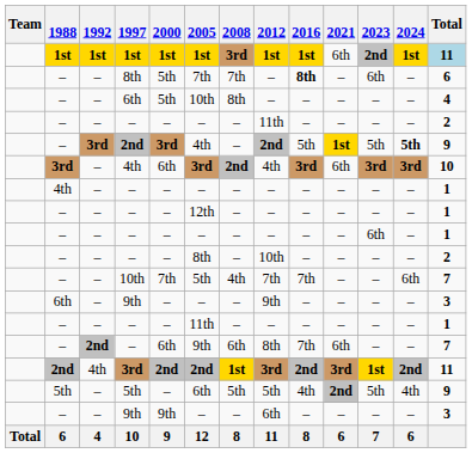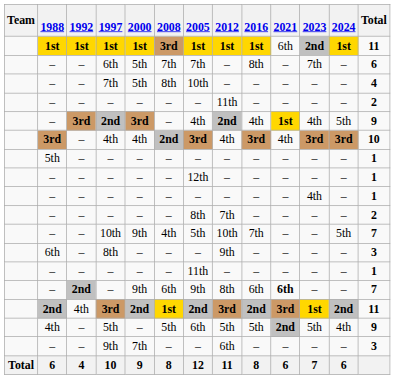 <table class="wikitable" style="text-align:center">
 <tr>
 <th>Team</th>
 <th><br><a href='#'>1988</a></th>
 <th><br><a href='#'>1992</a></th>
 <th><br><a href='#'>1997</a></th>
 <th><br><a href='#'>2000</a></th>
+<th><br><a href='#'>2008</a></th>
 <th><br><a href='#'>2005</a></th>
-<th><br><a href='#'>2008</a></th>
 <th><br><a href='#'>2012</a></th>
 <th><br><a href='#'>2016</a></th>
 <th><br><a href='#'>2021</a></th>
 <th><br><a href='#'>2023</a></th>
 <th><br><a href='#'>2024</a></th>
 <th>Total</th>
 </tr>
 <tr>
 <td align=left></td>
 <td bgcolor=gold><strong>1st</strong></td>
 <td bgcolor=gold><strong>1st</strong></td>
 <td bgcolor=gold><strong>1st</strong></td>
 <td bgcolor=gold><strong>1st</strong></td>
+<td bgcolor=#cc9966><strong>3rd</strong></td>
 <td bgcolor=gold><strong>1st</strong></td>
-<td bgcolor=#cc9966><strong>3rd</strong></td>
 <td bgcolor=gold><strong>1st</strong></td>
 <td bgcolor=gold><strong>1st</strong></td>
 <td>6th</td>
 <td bgcolor=silver><strong>2nd</strong></td>
 <td bgcolor=gold><strong>1st</strong></td>
-<td style="background: lightblue;"><strong>11</strong></td>
+<td><strong>11</strong></td>
 </tr>
 <tr>
 <td align=left></td>
 <td>–</td>
 <td>–</td>
-<td>8th</td>
+<td>6th</td>
 <td>5th</td>
 <td>7th</td>
 <td>7th</td>
 <td>–</td>
-<td><strong>8th</strong></td>
+<td>8th</td>
 <td>–</td>
-<td>6th</td>
+<td>7th</td>
 <td>–</td>
 <td><strong>6</strong></td>
 </tr>
 <tr>
 <td align=left></td>
 <td>–</td>
 <td>–</td>
-<td>6th</td>
+<td>7th</td>
 <td>5th</td>
+<td>8th</td>
 <td>10th</td>
-<td>8th</td>
 <td>–</td>
 <td>–</td>
 <td>–</td>
 <td>–</td>
 <td>–</td>
 <td><strong>4</strong></td>
 </tr>
 <tr>
 <td align=left></td>
 <td>–</td>
 <td>–</td>
 <td>–</td>
 <td>–</td>
 <td>–</td>
 <td>–</td>
 <td>11th</td>
 <td>–</td>
 <td>–</td>
 <td>–</td>
 <td>–</td>
 <td><strong>2</strong></td>
 </tr>
 <tr>
 <td align=left></td>
 <td>–</td>
 <td bgcolor=#cc9966><strong>3rd</strong></td>
 <td bgcolor=silver><strong>2nd</strong></td>
 <td bgcolor=#cc9966><strong>3rd</strong></td>
+<td>–</td>
 <td>4th</td>
-<td>–</td>
 <td bgcolor=silver><strong>2nd</strong></td>
+<td>4th</td>
+<td bgcolor=gold><strong>1st</strong></td>
+<td>4th</td>
 <td>5th</td>
-<td bgcolor=gold><strong>1st</strong></td>
-<td>5th</td>
-<td><strong>5th</strong></td>
 <td><strong>9</strong></td>
 </tr>
 <tr>
 <td align=left></td>
 <td bgcolor=#cc9966><strong>3rd</strong></td>
 <td>–</td>
 <td>4th</td>
-<td>6th</td>
+<td>4th</td>
+<td bgcolor=silver><strong>2nd</strong></td>
 <td bgcolor=#cc9966><strong>3rd</strong></td>
-<td bgcolor=silver><strong>2nd</strong></td>
 <td>4th</td>
 <td bgcolor=#cc9966><strong>3rd</strong></td>
-<td>6th</td>
+<td>4th</td>
 <td bgcolor=#cc9966><strong>3rd</strong></td>
 <td bgcolor=#cc9966><strong>3rd</strong></td>
 <td><strong>10</strong></td>
 </tr>
 <tr>
 <td align=left></td>
-<td>4th</td>
+<td>5th</td>
 <td>–</td>
 <td>–</td>
 <td>–</td>
 <td>–</td>
 <td>–</td>
 <td>–</td>
 <td>–</td>
 <td>–</td>
 <td>–</td>
 <td>–</td>
 <td><strong>1</strong></td>
 </tr>
 <tr>
 <td align=left></td>
 <td>–</td>
 <td>–</td>
 <td>–</td>
 <td>–</td>
+<td>–</td>
 <td>12th</td>
-<td>–</td>
 <td>–</td>
 <td>–</td>
 <td>–</td>
 <td>–</td>
 <td>–</td>
 <td><strong>1</strong></td>
 </tr>
 <tr>
 <td align=left></td>
 <td>–</td>
 <td>–</td>
 <td>–</td>
 <td>–</td>
 <td>–</td>
 <td>–</td>
 <td>–</td>
 <td>–</td>
 <td>–</td>
-<td>6th</td>
+<td>4th</td>
 <td>–</td>
 <td><strong>1</strong></td>
 </tr>
 <tr>
 <td align=left></td>
 <td>–</td>
 <td>–</td>
 <td>–</td>
 <td>–</td>
+<td>–</td>
 <td>8th</td>
-<td>–</td>
-<td>10th</td>
+<td>7th</td>
 <td>–</td>
 <td>–</td>
 <td>–</td>
 <td>–</td>
 <td><strong>2</strong></td>
 </tr>
 <tr>
 <td align=left></td>
 <td>–</td>
 <td>–</td>
 <td>10th</td>
-<td>7th</td>
+<td>9th</td>
+<td>4th</td>
 <td>5th</td>
-<td>4th</td>
-<td>7th</td>
+<td>10th</td>
 <td>7th</td>
 <td>–</td>
 <td>–</td>
-<td>6th</td>
+<td>5th</td>
 <td><strong>7</strong></td>
 </tr>
 <tr>
 <td align=left></td>
 <td>6th</td>
 <td>–</td>
-<td>9th</td>
+<td>8th</td>
 <td>–</td>
 <td>–</td>
 <td>–</td>
 <td>9th</td>
 <td>–</td>
 <td>–</td>
 <td>–</td>
 <td>–</td>
 <td><strong>3</strong></td>
 </tr>
 <tr>
 <td align=left></td>
 <td>–</td>
 <td>–</td>
 <td>–</td>
 <td>–</td>
+<td>–</td>
 <td>11th</td>
-<td>–</td>
 <td>–</td>
 <td>–</td>
 <td>–</td>
 <td>–</td>
 <td>–</td>
 <td><strong>1</strong></td>
 </tr>
 <tr>
 <td align=left></td>
 <td>–</td>
 <td bgcolor=silver><strong>2nd</strong></td>
 <td>–</td>
+<td>9th</td>
 <td>6th</td>
 <td>9th</td>
+<td>8th</td>
 <td>6th</td>
-<td>8th</td>
-<td>7th</td>
-<td>6th</td>
+<td><strong>6th</strong></td>
 <td>–</td>
 <td>–</td>
 <td><strong>7</strong></td>
 </tr>
 <tr>
 <td align=left></td>
 <td bgcolor=silver><strong>2nd</strong></td>
 <td>4th</td>
 <td bgcolor=#cc9966><strong>3rd</strong></td>
 <td bgcolor=silver><strong>2nd</strong></td>
+<td bgcolor=gold><strong>1st</strong></td>
 <td bgcolor=silver><strong>2nd</strong></td>
-<td bgcolor=gold><strong>1st</strong></td>
 <td bgcolor=#cc9966><strong>3rd</strong></td>
 <td bgcolor=silver><strong>2nd</strong></td>
 <td bgcolor=#cc9966><strong>3rd</strong></td>
 <td bgcolor=gold><strong>1st</strong></td>
 <td bgcolor=silver><strong>2nd</strong></td>
 <td><strong>11</strong></td>
 </tr>
 <tr>
 <td align=left></td>
+<td>4th</td>
+<td>–</td>
 <td>5th</td>
 <td>–</td>
 <td>5th</td>
-<td>–</td>
 <td>6th</td>
 <td>5th</td>
 <td>5th</td>
-<td>4th</td>
 <td bgcolor=silver><strong>2nd</strong></td>
 <td>5th</td>
 <td>4th</td>
 <td><strong>9</strong></td>
 </tr>
 <tr>
 <td align=left></td>
 <td>–</td>
 <td>–</td>
 <td>9th</td>
-<td>9th</td>
+<td>7th</td>
 <td>–</td>
 <td>–</td>
 <td>6th</td>
 <td>–</td>
 <td>–</td>
 <td>–</td>
 <td>–</td>
 <td><strong>3</strong></td>
 </tr>
 <tr>
 <th>Total</th>
 <th>6</th>
 <th>4</th>
 <th>10</th>
 <th>9</th>
+<th>8</th>
 <th>12</th>
-<th>8</th>
 <th>11</th>
 <th>8</th>
 <th>6</th>
 <th>7</th>
 <th>6</th>
 <th></th>
 </tr>
 </table>
